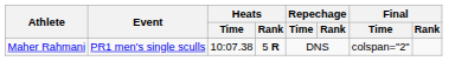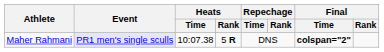 <table class="wikitable" style="font-size:90%">
 <tr>
 <th rowspan=2>Athlete</th>
 <th rowspan=2>Event</th>
 <th colspan=2>Heats</th>
 <th colspan=2>Repechage</th>
 <th colspan=2>Final</th>
 </tr>
 <tr style="font-size:95%">
 <th>Time</th>
 <th>Rank</th>
 <th>Time</th>
 <th>Rank</th>
 <th>Time</th>
 <th>Rank</th>
 </tr>
 <tr align=center>
 <td align=left><a href='#'>Maher Rahmani</a></td>
-<td align=left><a href='#'>PR1 men's single sculls</a></td>
+<td align=left style="background: lavender;"><a href='#'>PR1 men's single sculls</a></td>
 <td>10:07.38</td>
 <td>5 <strong>R</strong></td>
 <td colspan="2">DNS</td>
-<td>colspan="2" </td>
+<td><strong>colspan="2" </strong></td>
 </tr>
 </table>
